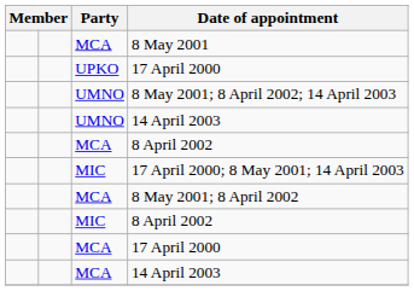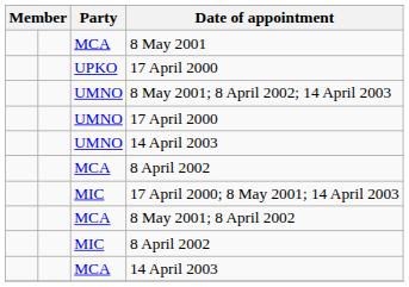 <table class="sortable wikitable">
 <tr>
 <th colspan="2" valign="top">Member</th>
 <th valign="top">Party</th>
 <th valign="top">Date of appointment</th>
 </tr>
 <tr>
 <td></td>
 <td></td>
 <td><a href='#'>MCA</a></td>
 <td>8 May 2001</td>
 </tr>
 <tr>
 <td></td>
 <td></td>
 <td><a href='#'>UPKO</a></td>
 <td>17 April 2000</td>
 </tr>
 <tr>
 <td></td>
 <td></td>
 <td><a href='#'>UMNO</a></td>
 <td>8 May 2001; 8 April 2002; 14 April 2003</td>
+</tr>
+<tr>
+<td></td>
+<td></td>
+<td><a href='#'>UMNO</a></td>
+<td>17 April 2000</td>
 </tr>
 <tr>
 <td></td>
 <td></td>
 <td><a href='#'>UMNO</a></td>
 <td>14 April 2003</td>
 </tr>
 <tr>
 <td></td>
 <td></td>
 <td><a href='#'>MCA</a></td>
 <td>8 April 2002</td>
 </tr>
 <tr>
 <td></td>
 <td></td>
 <td><a href='#'>MIC</a></td>
 <td>17 April 2000; 8 May 2001; 14 April 2003</td>
 </tr>
 <tr>
 <td></td>
 <td></td>
 <td><a href='#'>MCA</a></td>
 <td>8 May 2001; 8 April 2002</td>
 </tr>
 <tr>
 <td></td>
 <td></td>
 <td><a href='#'>MIC</a></td>
 <td>8 April 2002</td>
 </tr>
 <tr>
 <td></td>
 <td></td>
 <td><a href='#'>MCA</a></td>
-<td>17 April 2000</td>
-</tr>
-<tr>
-<td></td>
-<td></td>
-<td><a href='#'>MCA</a></td>
 <td>14 April 2003</td>
 </tr>
 <tr>
 </tr>
 </table>
